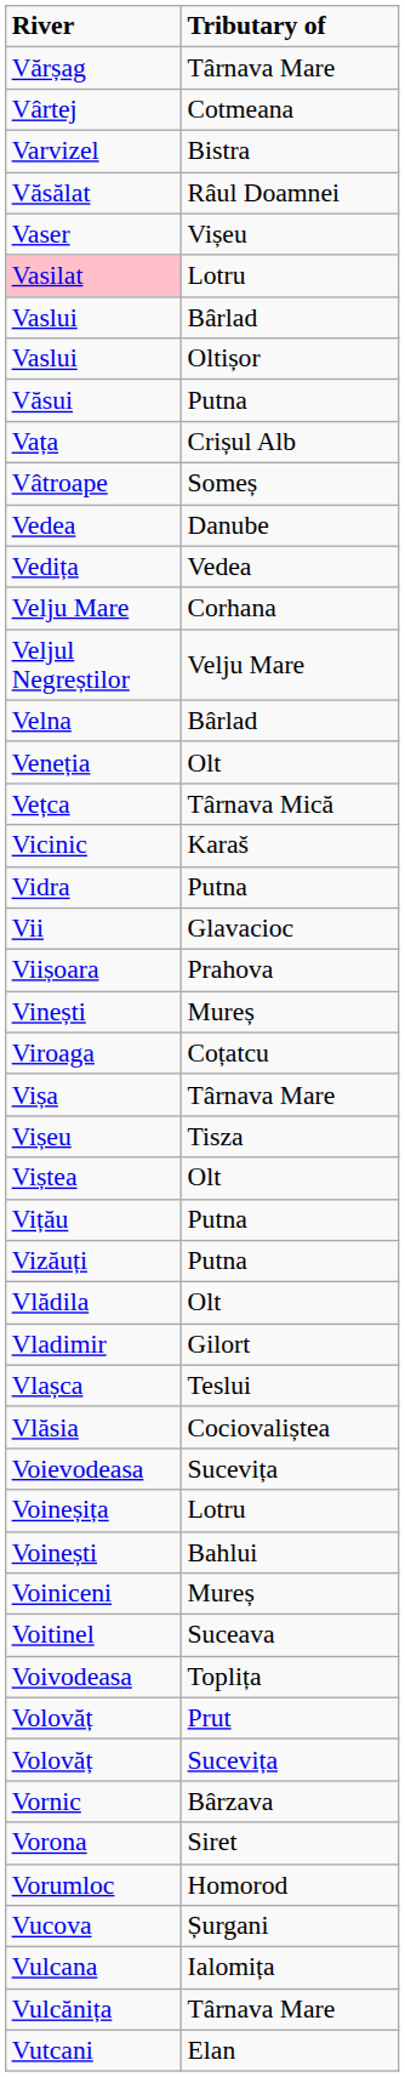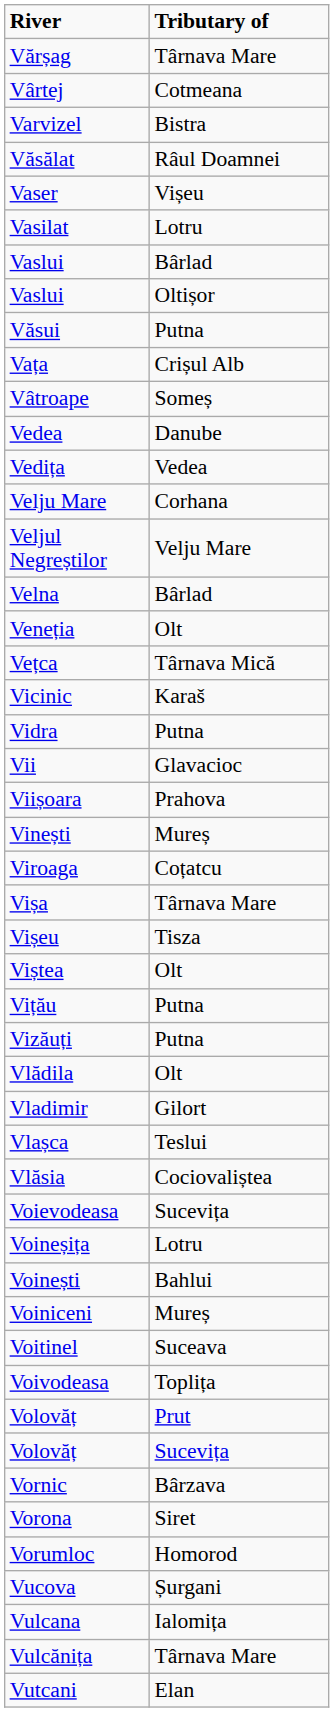 <table class="wikitable">
 <tr>
 <td width="100pt"><strong>River</strong></td>
 <td width="125pt"><strong>Tributary of</strong></td>
 </tr>
 <tr>
 <td><a href='#'>Vărșag</a></td>
 <td>Târnava Mare</td>
 </tr>
 <tr>
 <td><a href='#'>Vârtej</a></td>
 <td>Cotmeana</td>
 </tr>
 <tr>
 <td><a href='#'>Varvizel</a></td>
 <td>Bistra</td>
 </tr>
 <tr>
 <td><a href='#'>Văsălat</a></td>
 <td>Râul Doamnei</td>
 </tr>
 <tr>
 <td><a href='#'>Vaser</a></td>
 <td>Vișeu</td>
 </tr>
 <tr>
-<td style="background: pink;"><a href='#'>Vasilat</a></td>
+<td><a href='#'>Vasilat</a></td>
 <td>Lotru</td>
 </tr>
 <tr>
 <td><a href='#'>Vaslui</a></td>
 <td>Bârlad</td>
 </tr>
 <tr>
 <td><a href='#'>Vaslui</a></td>
 <td>Oltișor</td>
 </tr>
 <tr>
 <td><a href='#'>Văsui</a></td>
 <td>Putna</td>
 </tr>
 <tr>
 <td><a href='#'>Vața</a></td>
 <td>Crișul Alb</td>
 </tr>
 <tr>
 <td><a href='#'>Vâtroape</a></td>
 <td>Someș</td>
 </tr>
 <tr>
 <td><a href='#'>Vedea</a></td>
 <td>Danube</td>
 </tr>
 <tr>
 <td><a href='#'>Vedița</a></td>
 <td>Vedea</td>
 </tr>
 <tr>
 <td><a href='#'>Velju Mare</a></td>
 <td>Corhana</td>
 </tr>
 <tr>
 <td><a href='#'>Veljul Negreștilor</a></td>
 <td>Velju Mare</td>
 </tr>
 <tr>
 <td><a href='#'>Velna</a></td>
 <td>Bârlad</td>
 </tr>
 <tr>
 <td><a href='#'>Veneția</a></td>
 <td>Olt</td>
 </tr>
 <tr>
 <td><a href='#'>Vețca</a></td>
 <td>Târnava Mică</td>
 </tr>
 <tr>
 <td><a href='#'>Vicinic</a></td>
 <td>Karaš</td>
 </tr>
 <tr>
 <td><a href='#'>Vidra</a></td>
 <td>Putna</td>
 </tr>
 <tr>
 <td><a href='#'>Vii</a></td>
 <td>Glavacioc</td>
 </tr>
 <tr>
 <td><a href='#'>Viișoara</a></td>
 <td>Prahova</td>
 </tr>
 <tr>
 <td><a href='#'>Vinești</a></td>
 <td>Mureș</td>
 </tr>
 <tr>
 <td><a href='#'>Viroaga</a></td>
 <td>Coțatcu</td>
 </tr>
 <tr>
 <td><a href='#'>Vișa</a></td>
 <td>Târnava Mare</td>
 </tr>
 <tr>
 <td><a href='#'>Vișeu</a></td>
 <td>Tisza</td>
 </tr>
 <tr>
 <td><a href='#'>Viștea</a></td>
 <td>Olt</td>
 </tr>
 <tr>
 <td><a href='#'>Vițău</a></td>
 <td>Putna</td>
 </tr>
 <tr>
 <td><a href='#'>Vizăuți</a></td>
 <td>Putna</td>
 </tr>
 <tr>
 <td><a href='#'>Vlădila</a></td>
 <td>Olt</td>
 </tr>
 <tr>
 <td><a href='#'>Vladimir</a></td>
 <td>Gilort</td>
 </tr>
 <tr>
 <td><a href='#'>Vlașca</a></td>
 <td>Teslui</td>
 </tr>
 <tr>
 <td><a href='#'>Vlăsia</a></td>
 <td>Cociovaliștea</td>
 </tr>
 <tr>
 <td><a href='#'>Voievodeasa</a></td>
 <td>Sucevița</td>
 </tr>
 <tr>
 <td><a href='#'>Voineșița</a></td>
 <td>Lotru</td>
 </tr>
 <tr>
 <td><a href='#'>Voinești</a></td>
 <td>Bahlui</td>
 </tr>
 <tr>
 <td><a href='#'>Voiniceni</a></td>
 <td>Mureș</td>
 </tr>
 <tr>
 <td><a href='#'>Voitinel</a></td>
 <td>Suceava</td>
 </tr>
 <tr>
 <td><a href='#'>Voivodeasa</a></td>
 <td>Toplița</td>
 </tr>
 <tr>
 <td><a href='#'>Volovăț</a></td>
 <td><a href='#'>Prut</a></td>
 </tr>
 <tr>
 <td><a href='#'>Volovăț</a></td>
 <td><a href='#'>Sucevița</a></td>
 </tr>
 <tr>
 <td><a href='#'>Vornic</a></td>
 <td>Bârzava</td>
 </tr>
 <tr>
 <td><a href='#'>Vorona</a></td>
 <td>Siret</td>
 </tr>
 <tr>
 <td><a href='#'>Vorumloc</a></td>
 <td>Homorod</td>
 </tr>
 <tr>
 <td><a href='#'>Vucova</a></td>
 <td>Șurgani</td>
 </tr>
 <tr>
 <td><a href='#'>Vulcana</a></td>
 <td>Ialomița</td>
 </tr>
 <tr>
 <td><a href='#'>Vulcănița</a></td>
 <td>Târnava Mare</td>
 </tr>
 <tr>
 <td><a href='#'>Vutcani</a></td>
 <td>Elan</td>
 </tr>
 </table>
